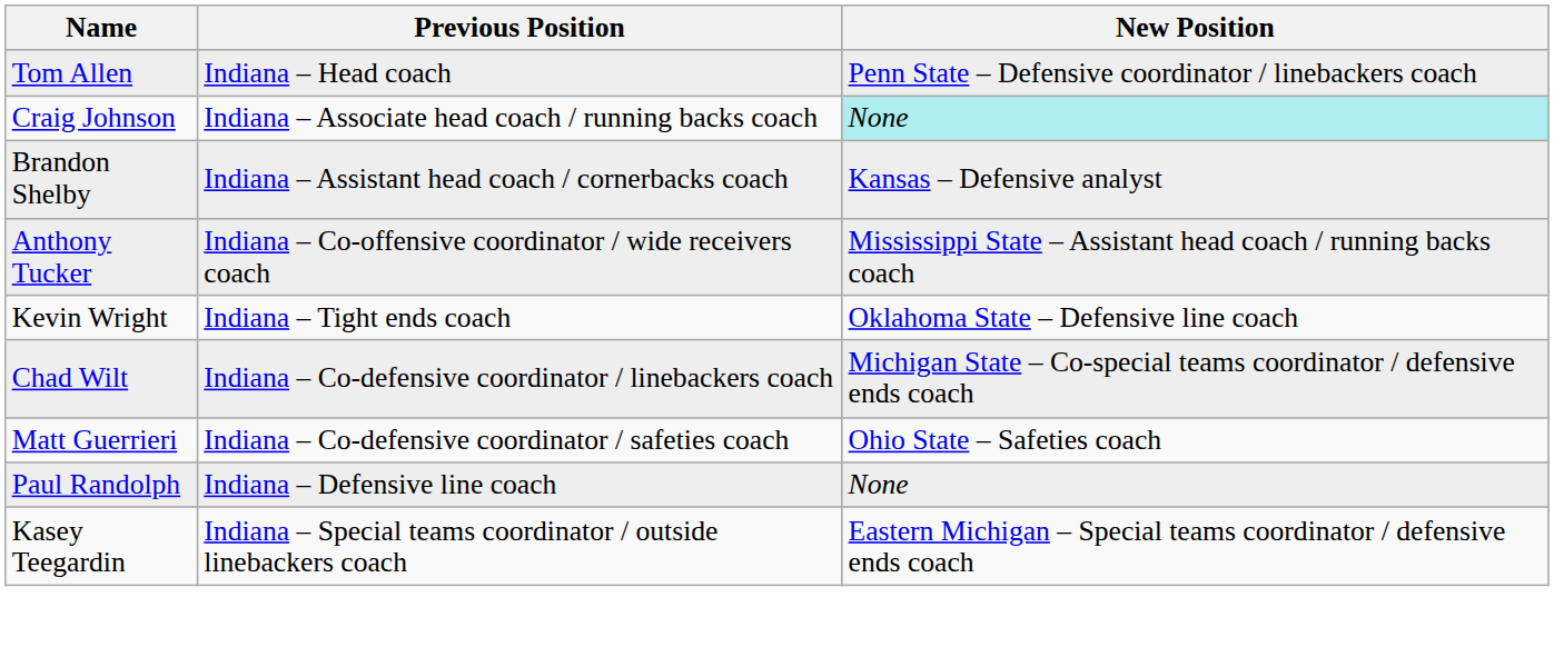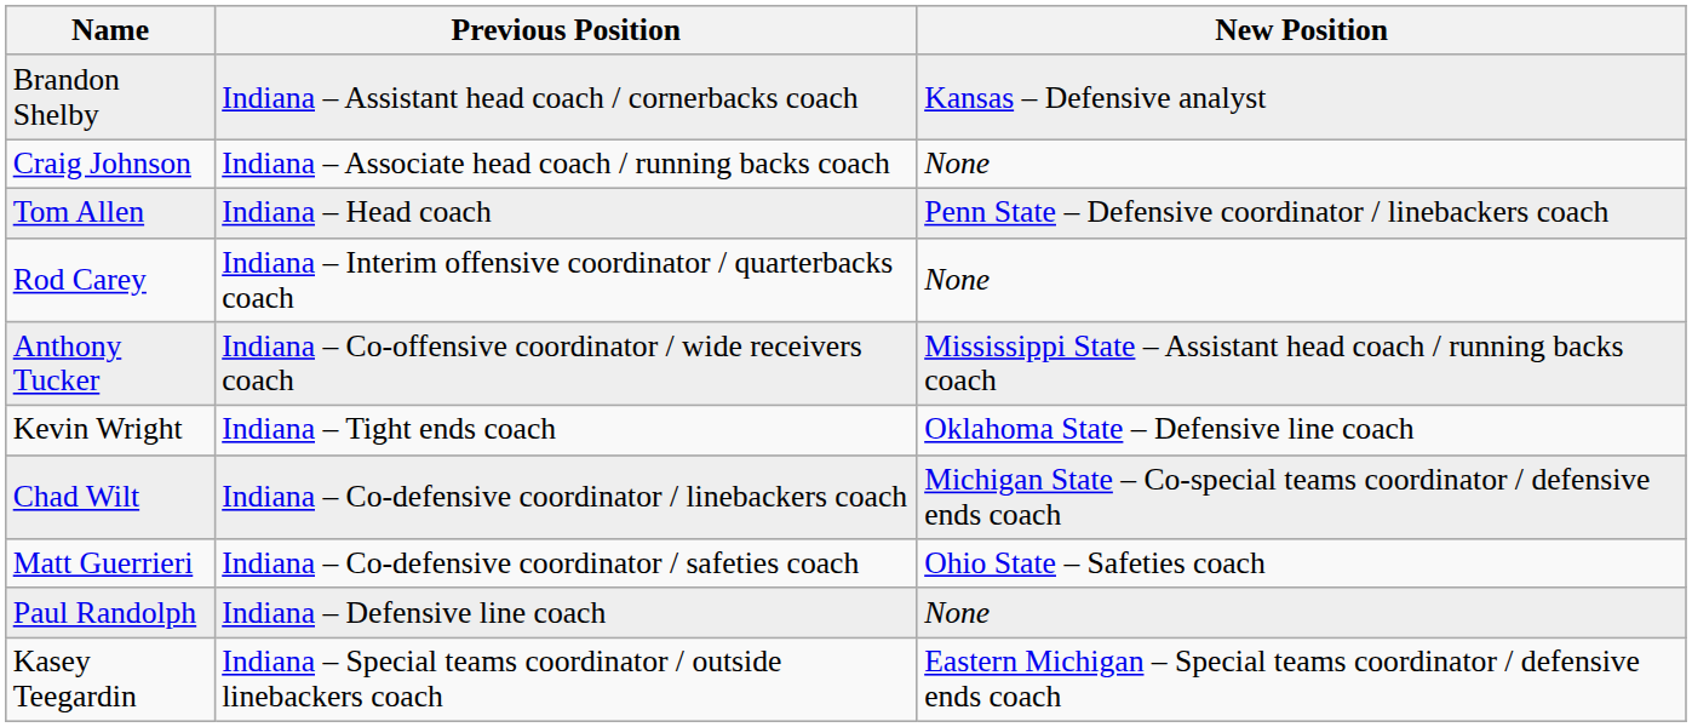 <table class="wikitable sortable" style="text-align:left">
 <tr>
 <th>Name</th>
 <th>Previous Position</th>
 <th>New Position</th>
 </tr>
 <tr style="background:#eeeeee;">
+<td>Brandon Shelby</td>
+<td><a href='#'>Indiana</a> – Assistant head coach / cornerbacks coach</td>
+<td><a href='#'>Kansas</a> – Defensive analyst</td>
+</tr>
+<tr>
+<td><a href='#'>Craig Johnson</a></td>
+<td><a href='#'>Indiana</a> – Associate head coach / running backs coach</td>
+<td><em>None</em></td>
+</tr>
+<tr style="background:#eeeeee;">
 <td><a href='#'>Tom Allen</a></td>
 <td><a href='#'>Indiana</a> – Head coach</td>
 <td><a href='#'>Penn State</a> – Defensive coordinator / linebackers coach</td>
 </tr>
 <tr>
-<td><a href='#'>Craig Johnson</a></td>
-<td><a href='#'>Indiana</a> – Associate head coach / running backs coach</td>
-<td style="background: paleturquoise;"><em>None</em></td>
-</tr>
-<tr style="background:#eeeeee;">
-<td>Brandon Shelby</td>
-<td><a href='#'>Indiana</a> – Assistant head coach / cornerbacks coach</td>
-<td><a href='#'>Kansas</a> – Defensive analyst</td>
+<td><a href='#'>Rod Carey</a></td>
+<td><a href='#'>Indiana</a> – Interim offensive coordinator / quarterbacks coach</td>
+<td><em>None</em></td>
 </tr>
 <tr style="background:#eeeeee;">
 <td><a href='#'>Anthony Tucker</a></td>
 <td><a href='#'>Indiana</a> – Co-offensive coordinator / wide receivers coach</td>
 <td><a href='#'>Mississippi State</a> – Assistant head coach / running backs coach</td>
 </tr>
 <tr>
 <td>Kevin Wright</td>
 <td><a href='#'>Indiana</a> – Tight ends coach</td>
 <td><a href='#'>Oklahoma State</a> – Defensive line coach</td>
 </tr>
 <tr style="background:#eeeeee;">
 <td><a href='#'>Chad Wilt</a></td>
 <td><a href='#'>Indiana</a> – Co-defensive coordinator / linebackers coach</td>
 <td><a href='#'>Michigan State</a> – Co-special teams coordinator / defensive ends coach</td>
 </tr>
 <tr>
 <td><a href='#'>Matt Guerrieri</a></td>
 <td><a href='#'>Indiana</a> – Co-defensive coordinator / safeties coach</td>
 <td><a href='#'>Ohio State</a> – Safeties coach</td>
 </tr>
 <tr style="background:#eeeeee;">
 <td><a href='#'>Paul Randolph</a></td>
 <td><a href='#'>Indiana</a> – Defensive line coach</td>
 <td><em>None</em></td>
 </tr>
 <tr>
 <td>Kasey Teegardin</td>
 <td><a href='#'>Indiana</a> – Special teams coordinator / outside linebackers coach</td>
 <td><a href='#'>Eastern Michigan</a> – Special teams coordinator / defensive ends coach</td>
 </tr>
 </table>
